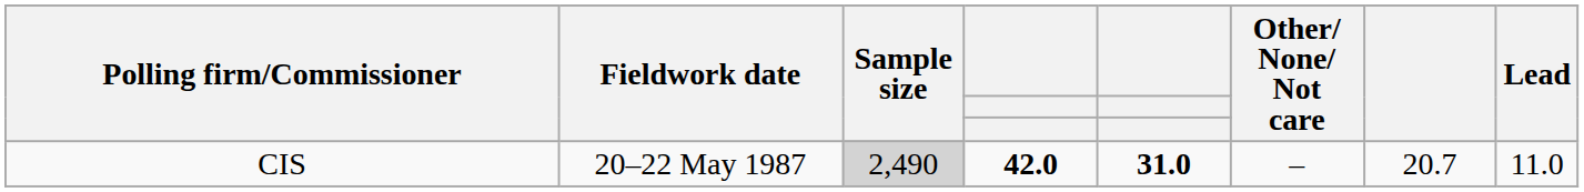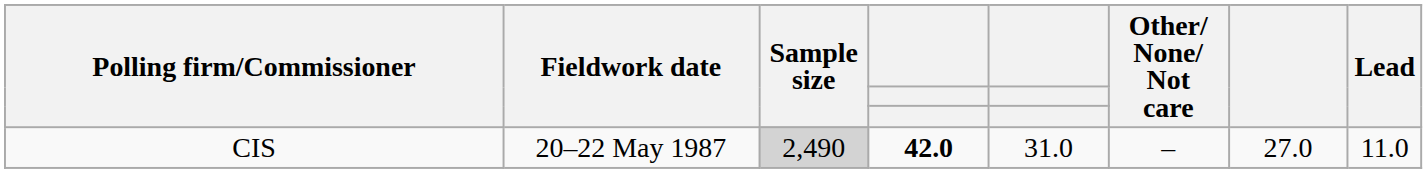 <table class="wikitable collapsible collapsed" style="text-align:center; font-size:90%; line-height:14px;">
 <tr style="height:42px;">
 <th style="width:250px;" rowspan="3">Polling firm/Commissioner</th>
 <th style="width:125px;" rowspan="3">Fieldwork date</th>
 <th style="width:50px;" rowspan="3">Sample size</th>
 <th style="width:55px;"></th>
 <th style="width:55px;"></th>
 <th style="width:55px;" rowspan="3">Other/<br>None/<br>Not<br>care</th>
 <th style="width:55px;" rowspan="3"></th>
 <th style="width:30px;" rowspan="3">Lead</th>
 </tr>
 <tr>
 <th style="color:inherit;background:"></th>
 <th style="color:inherit;background:"></th>
 </tr>
 <tr>
 <th></th>
 <th></th>
 </tr>
 <tr>
 <td>CIS</td>
 <td>20–22 May 1987</td>
 <td style="background: lightgrey;">2,490</td>
 <td><strong>42.0</strong></td>
-<td><strong>31.0</strong></td>
+<td>31.0</td>
 <td>–</td>
-<td>20.7</td>
+<td>27.0</td>
 <td style="background:">11.0</td>
 </tr>
 </table>
